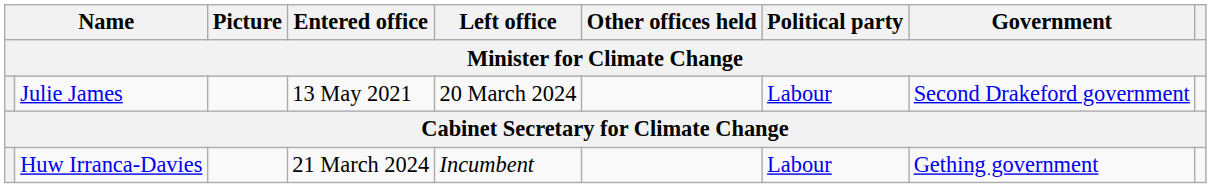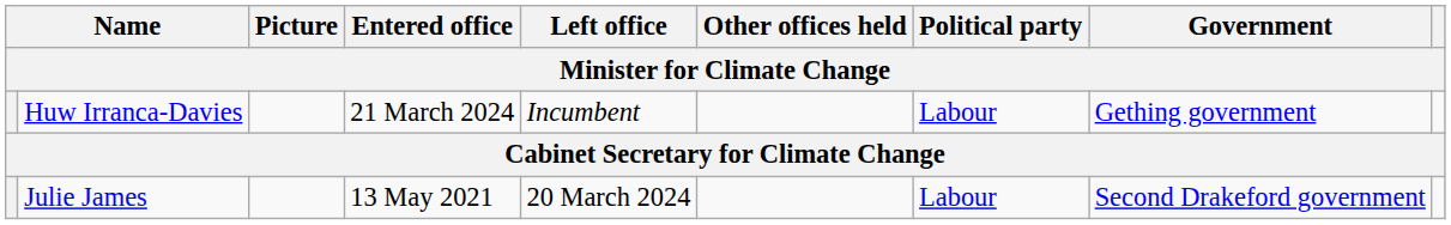 <table class="wikitable">
 <tr>
 <th colspan="2">Name</th>
 <th>Picture</th>
 <th>Entered office</th>
 <th>Left office</th>
 <th>Other offices held</th>
 <th>Political party</th>
 <th>Government</th>
 <th></th>
 </tr>
 <tr>
 <th colspan="9">Minister for Climate Change</th>
 </tr>
 <tr>
 <th style="background-color:"></th>
+<td><a href='#'>Huw Irranca-Davies</a></td>
+<td></td>
+<td>21 March 2024</td>
+<td><em>Incumbent</em></td>
+<td></td>
+<td><a href='#'>Labour</a></td>
+<td><a href='#'>Gething government</a></td>
+<td></td>
+</tr>
+<tr>
+<th colspan="9">Cabinet Secretary for Climate Change</th>
+</tr>
+<tr>
+<th style="background-color:"></th>
 <td><a href='#'>Julie James</a></td>
 <td></td>
 <td>13 May 2021</td>
 <td>20 March 2024</td>
 <td></td>
 <td><a href='#'>Labour</a></td>
 <td><a href='#'>Second Drakeford government</a></td>
 <td></td>
 </tr>
-<tr>
-<th colspan="9">Cabinet Secretary for Climate Change</th>
-</tr>
-<tr>
-<th style="background-color:"></th>
-<td><a href='#'>Huw Irranca-Davies</a></td>
-<td></td>
-<td>21 March 2024</td>
-<td><em>Incumbent</em></td>
-<td></td>
-<td><a href='#'>Labour</a></td>
-<td><a href='#'>Gething government</a></td>
-<td></td>
-</tr>
 </table>
